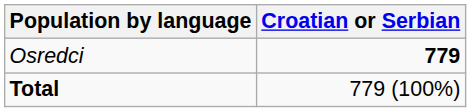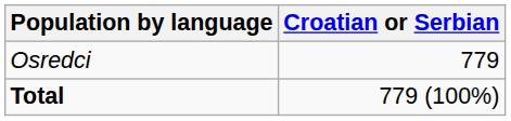 <table class="wikitable sortable">
 <tr>
 <th>Population by language</th>
 <th><a href='#'>Croatian</a> or <a href='#'>Serbian</a></th>
 </tr>
 <tr>
 <td><em>Osredci</em></td>
-<td align="right"><strong>779</strong></td>
+<td align="right">779</td>
 </tr>
 <tr>
 <td><strong>Total</strong></td>
 <td align="right">779 (100%)</td>
 </tr>
 </table>
